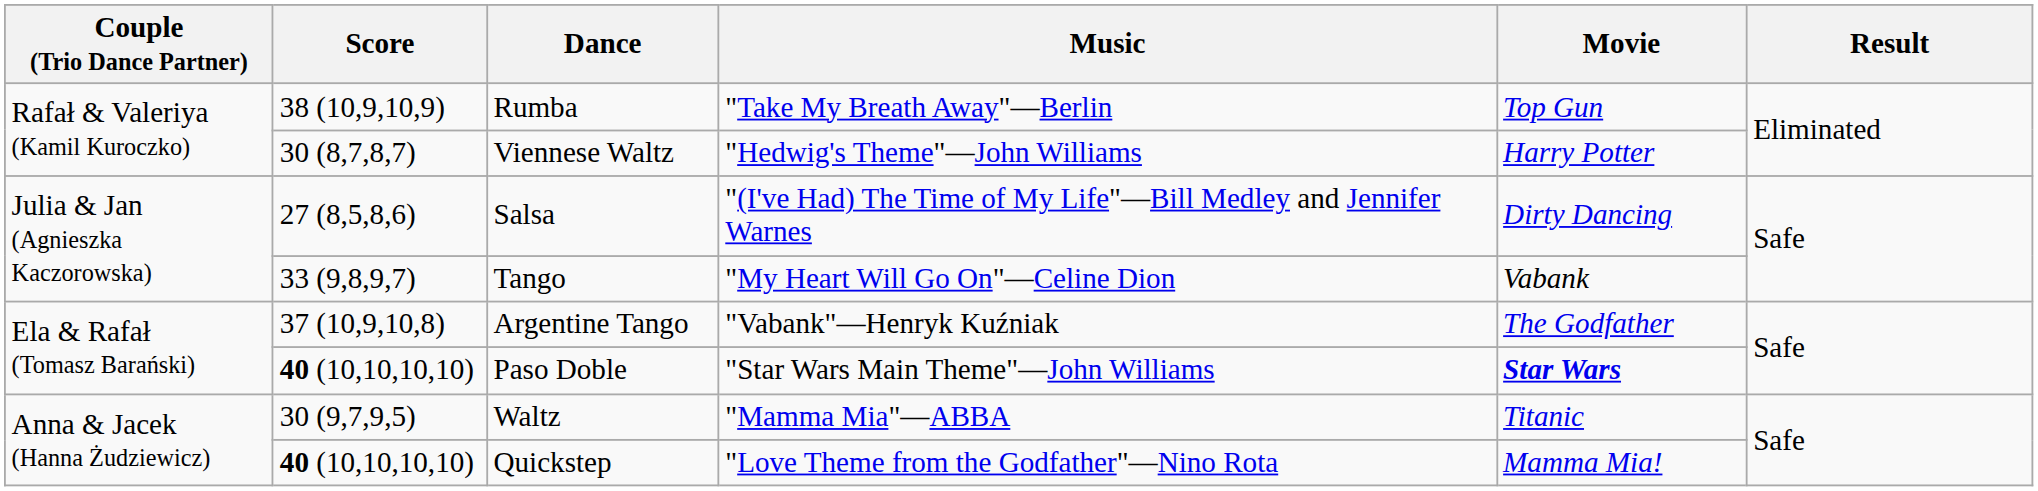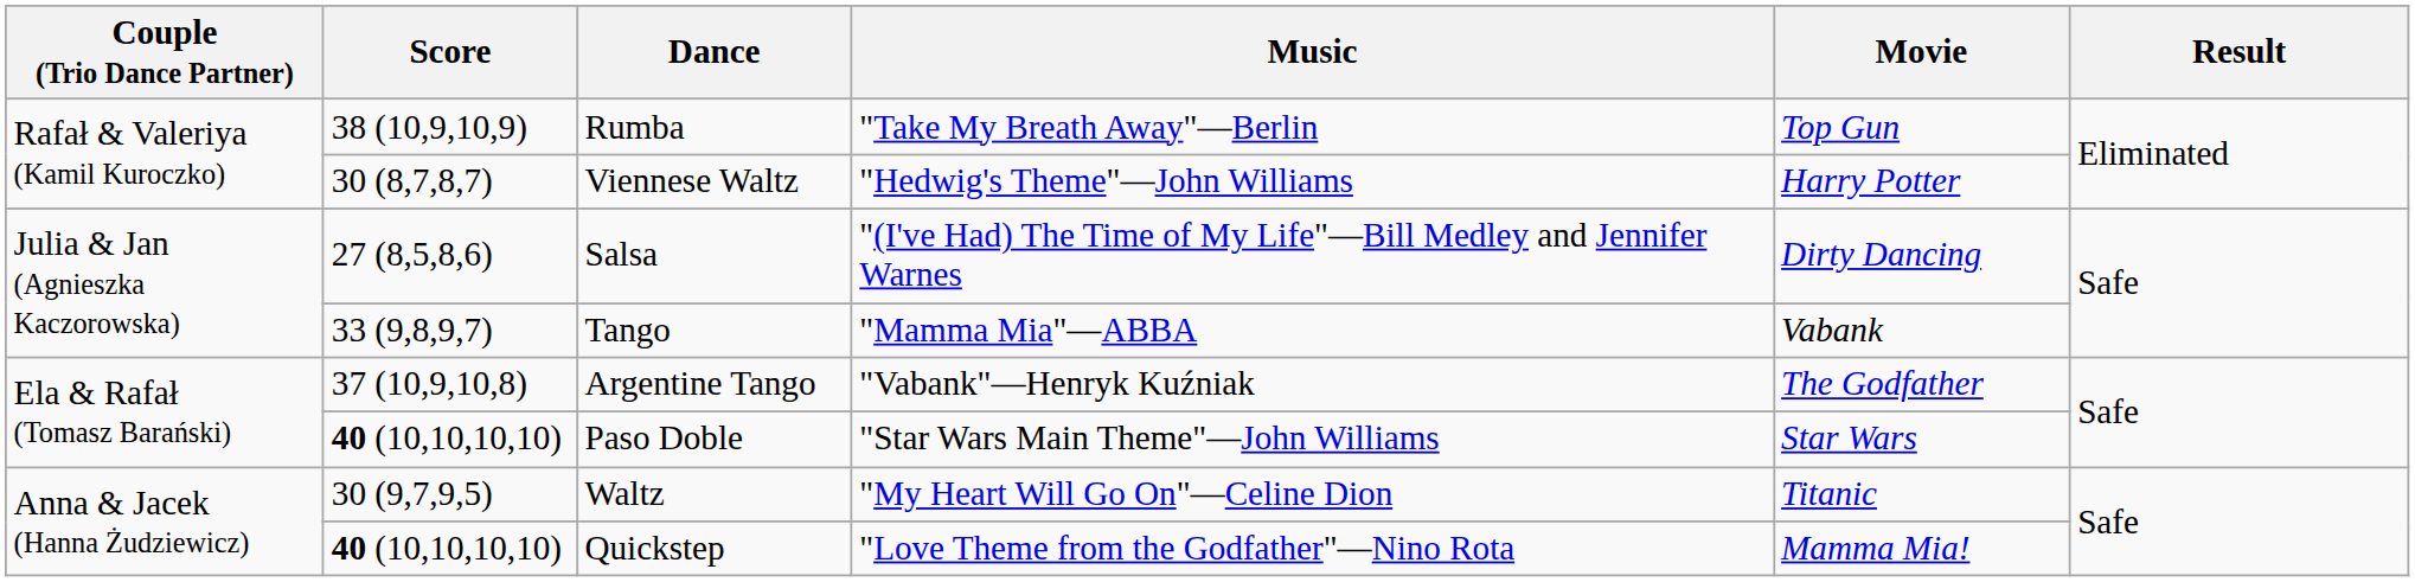 <table class="wikitable">
 <tr>
 <th width="140">Couple<br><small>(Trio Dance Partner)</small></th>
 <th width="110">Score</th>
 <th width="120">Dance</th>
 <th width="420">Music</th>
 <th width="130">Movie</th>
 <th width="150">Result</th>
 </tr>
 <tr>
 <td rowspan="2">Rafał & Valeriya<br><small>(Kamil Kuroczko)</small></td>
 <td>38 (10,9,10,9)</td>
 <td>Rumba</td>
 <td>"<a href='#'>Take My Breath Away</a>"—<a href='#'>Berlin</a></td>
 <td><em><a href='#'>Top Gun</a></em></td>
 <td rowspan="2">Eliminated</td>
 </tr>
 <tr>
 <td>30 (8,7,8,7)</td>
 <td>Viennese Waltz</td>
 <td>"<a href='#'>Hedwig's Theme</a>"—<a href='#'>John Williams</a></td>
 <td><em><a href='#'>Harry Potter</a></em></td>
 </tr>
 <tr>
 <td rowspan="2">Julia & Jan<br><small>(Agnieszka Kaczorowska)</small></td>
 <td>27 (8,5,8,6)</td>
 <td>Salsa</td>
 <td>"<a href='#'>(I've Had) The Time of My Life</a>"—<a href='#'>Bill Medley</a> and <a href='#'>Jennifer Warnes</a></td>
 <td><em><a href='#'>Dirty Dancing</a></em></td>
 <td rowspan="2">Safe</td>
 </tr>
 <tr>
 <td>33 (9,8,9,7)</td>
 <td>Tango</td>
-<td>"<a href='#'>My Heart Will Go On</a>"—<a href='#'>Celine Dion</a></td>
+<td>"<a href='#'>Mamma Mia</a>"—<a href='#'>ABBA</a></td>
 <td><em>Vabank</em></td>
 </tr>
 <tr>
 <td rowspan="2">Ela & Rafał<br><small>(Tomasz Barański)</small></td>
 <td>37 (10,9,10,8)</td>
 <td>Argentine Tango</td>
 <td>"Vabank"—Henryk Kuźniak</td>
 <td><em><a href='#'>The Godfather</a></em></td>
 <td rowspan="2">Safe</td>
 </tr>
 <tr>
 <td><strong>40</strong> (10,10,10,10)</td>
 <td>Paso Doble</td>
 <td>"Star Wars Main Theme"—<a href='#'>John Williams</a></td>
-<td><strong><em><a href='#'>Star Wars</a></em></strong></td>
+<td><em><a href='#'>Star Wars</a></em></td>
 </tr>
 <tr>
 <td rowspan="2">Anna & Jacek<br><small>(Hanna Żudziewicz)</small></td>
 <td>30 (9,7,9,5)</td>
 <td>Waltz</td>
-<td>"<a href='#'>Mamma Mia</a>"—<a href='#'>ABBA</a></td>
+<td>"<a href='#'>My Heart Will Go On</a>"—<a href='#'>Celine Dion</a></td>
 <td><em><a href='#'>Titanic</a></em></td>
 <td rowspan="2">Safe</td>
 </tr>
 <tr>
 <td><strong>40</strong> (10,10,10,10)</td>
 <td>Quickstep</td>
 <td>"<a href='#'>Love Theme from the Godfather</a>"—<a href='#'>Nino Rota</a></td>
 <td><em><a href='#'>Mamma Mia!</a></em></td>
 </tr>
 </table>
